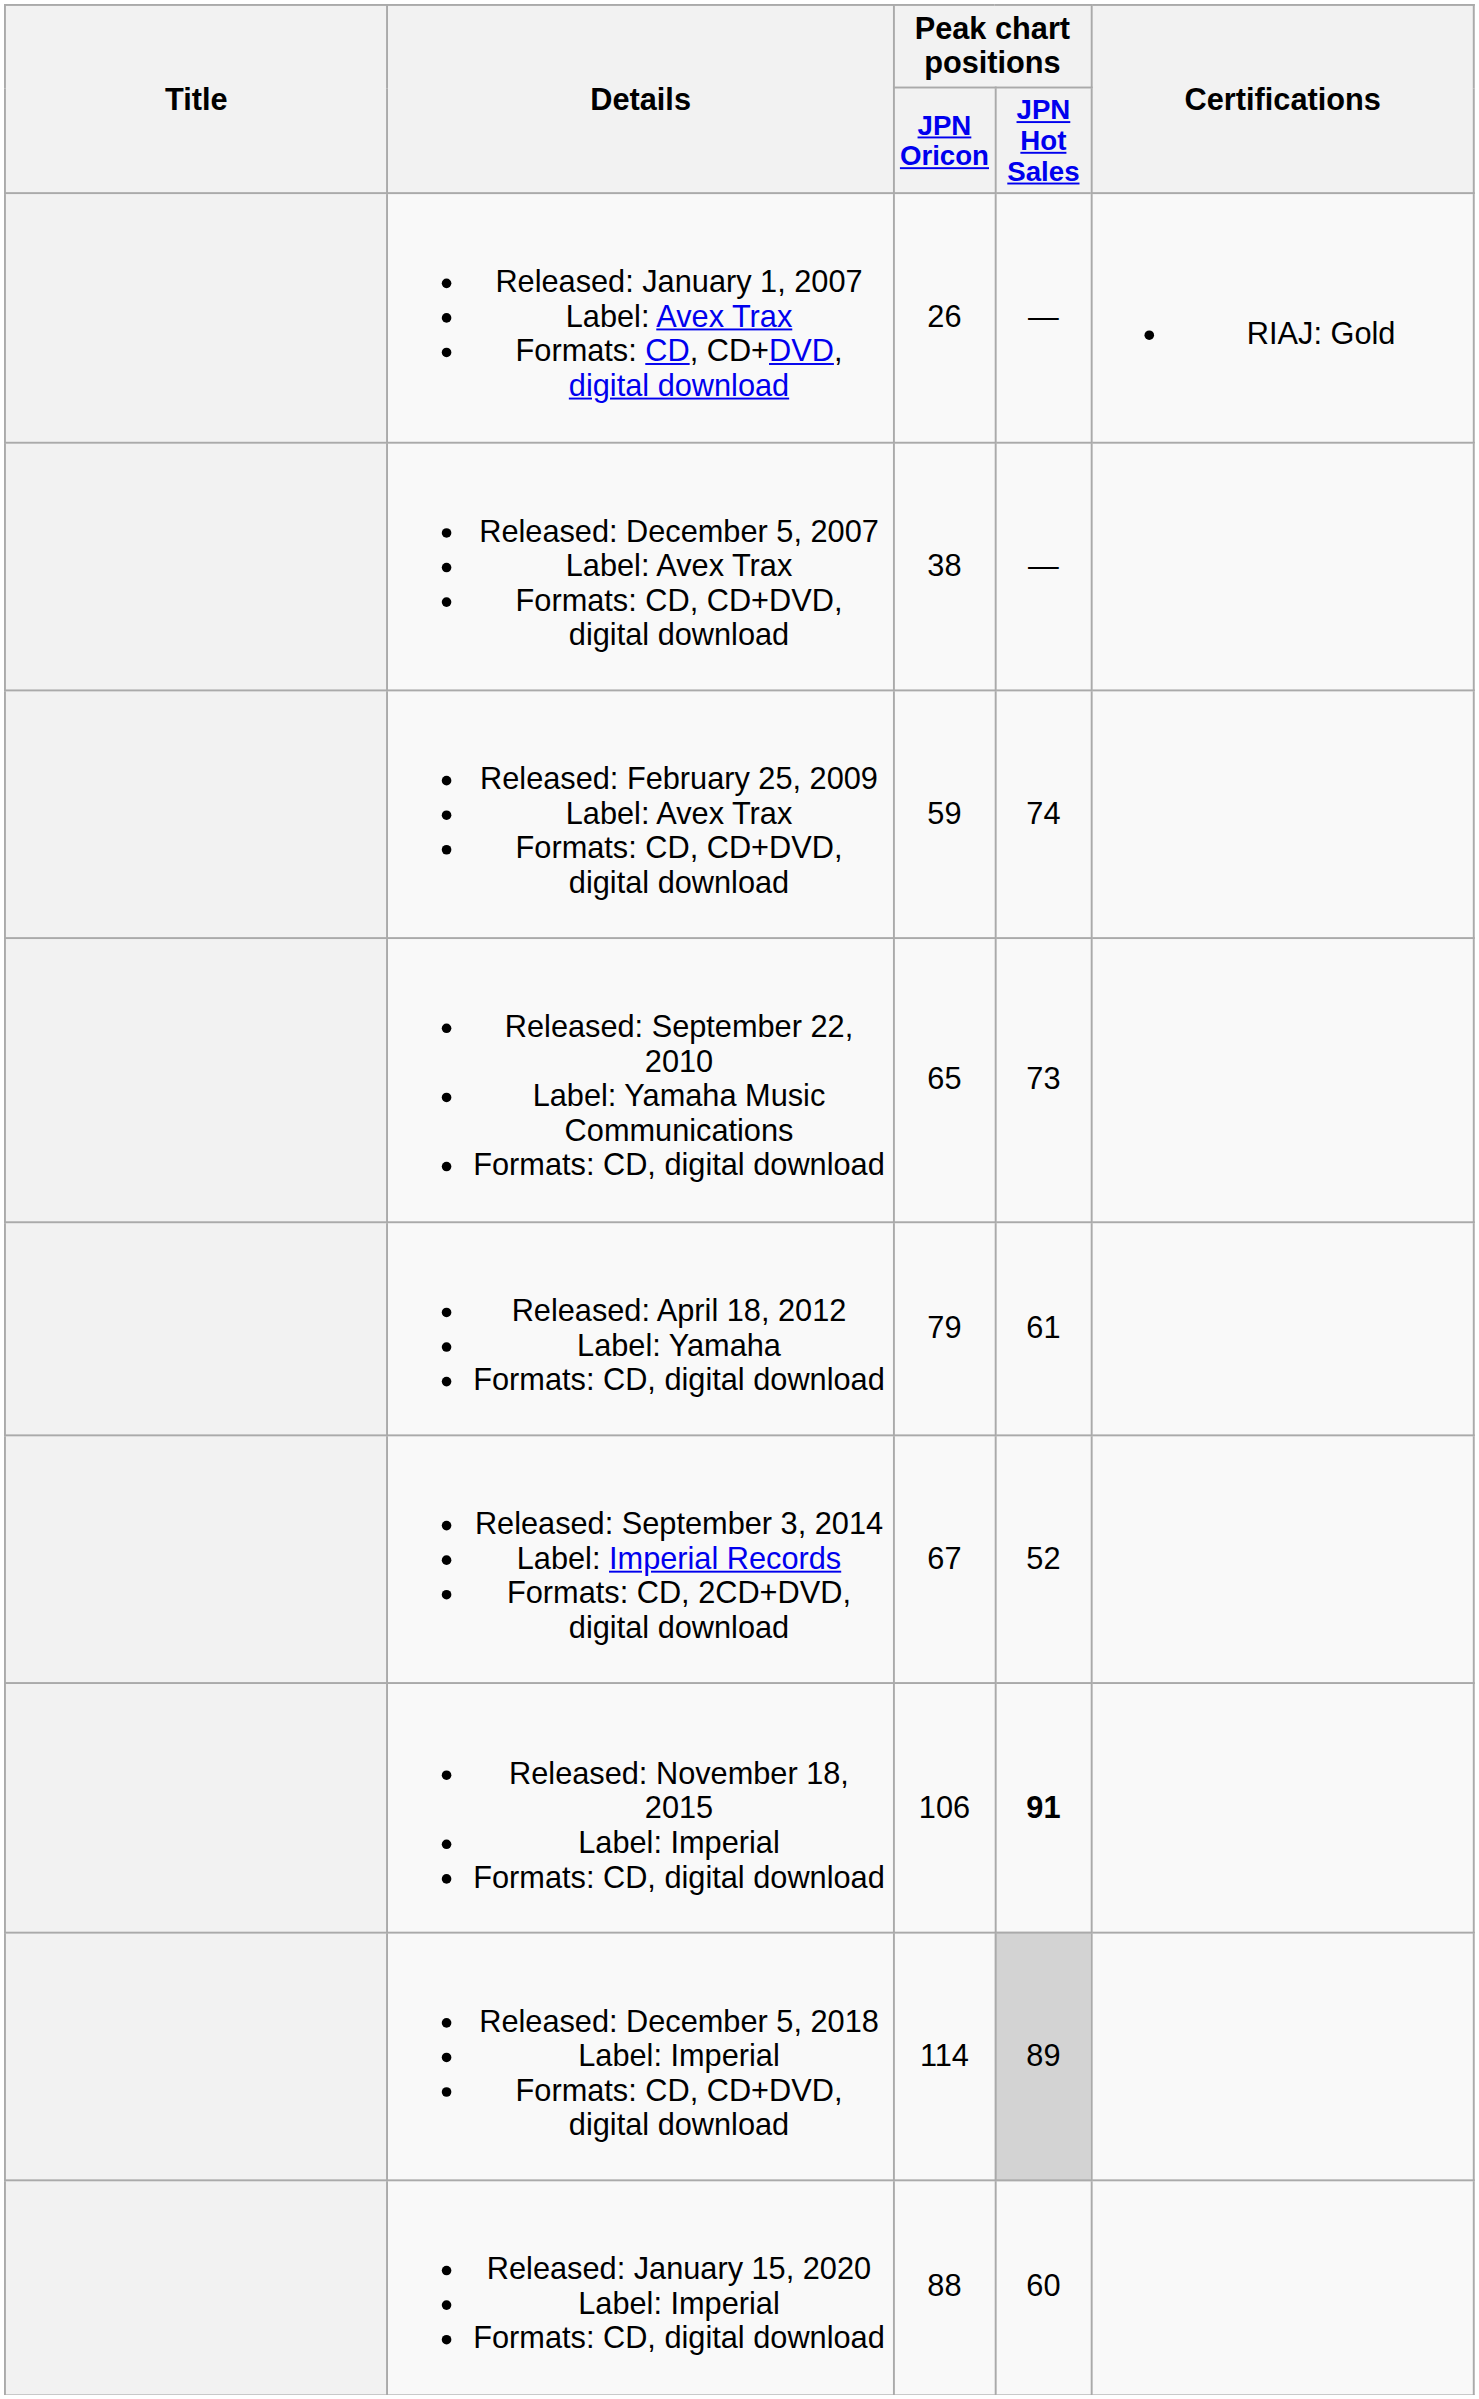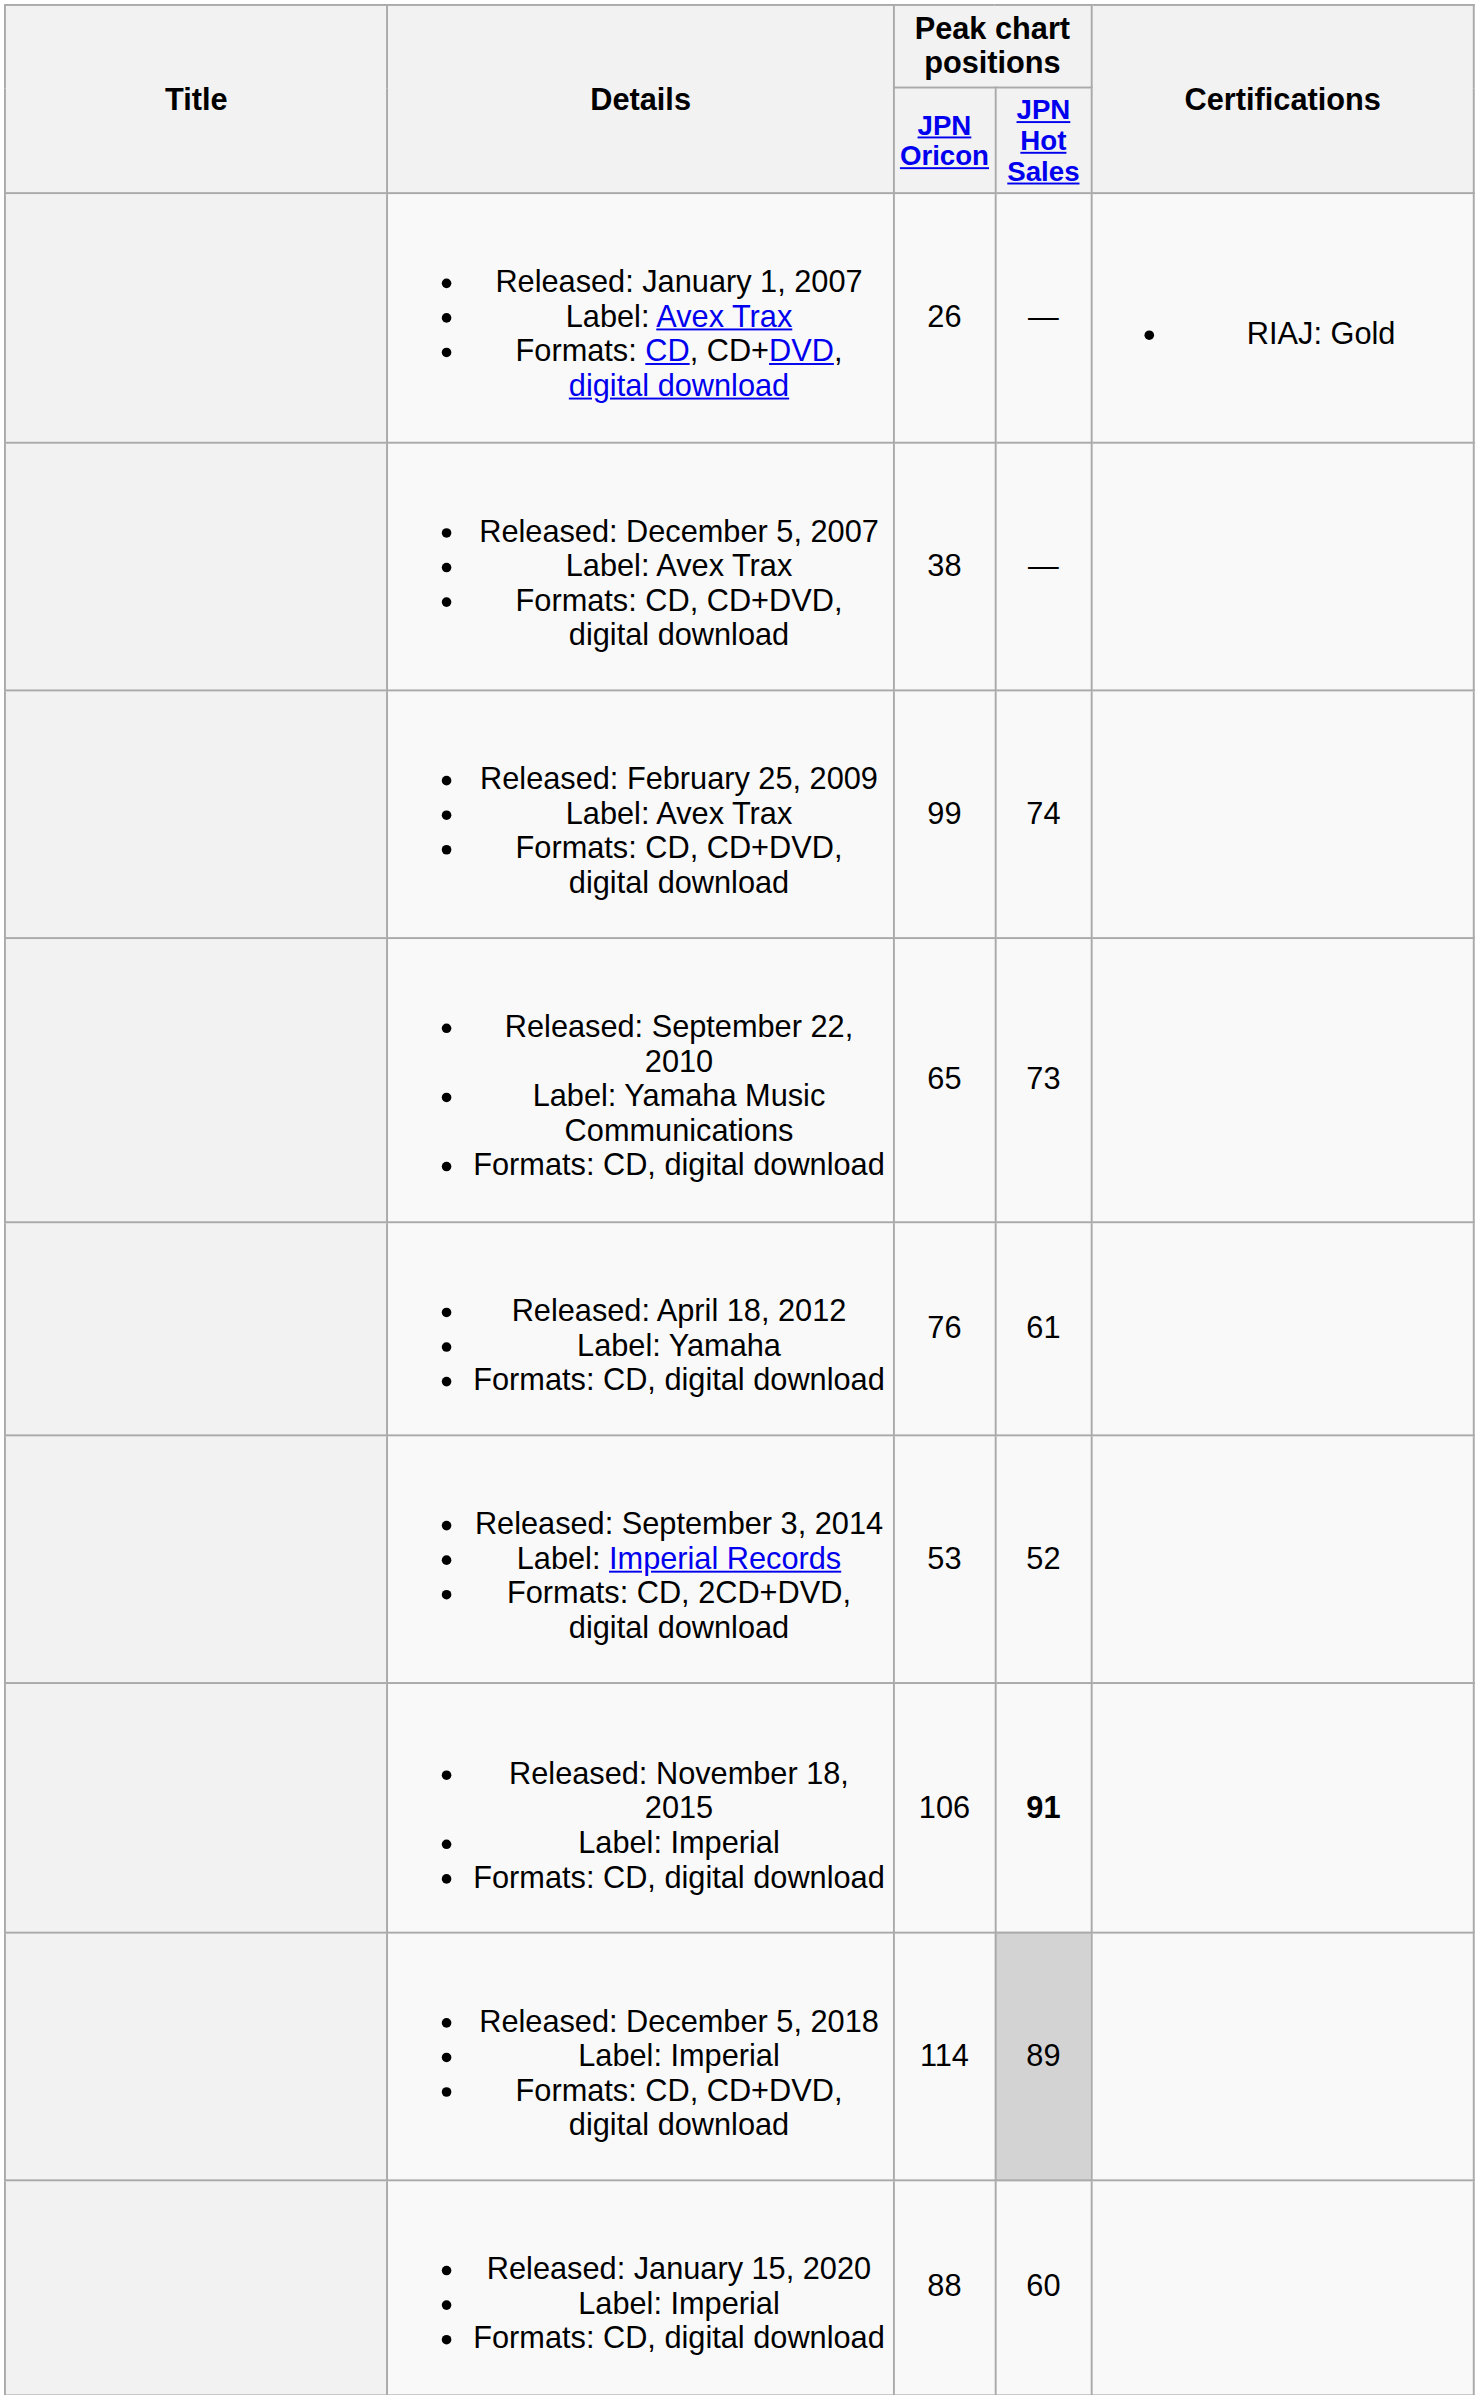 <table class="wikitable plainrowheaders" style="text-align:center;">
 <tr>
 <th scope="col" rowspan="2" style="width:12em;">Title</th>
 <th scope="col" rowspan="2" style="width:16em;">Details</th>
 <th scope="col" colspan="2">Peak chart positions</th>
 <th scope="col" rowspan="2" style="width:12em;">Certifications</th>
 </tr>
 <tr>
 <th scope="col" style="width:3em;font-size:90%;"><a href='#'>JPN<br>Oricon</a><br></th>
 <th scope="col" style="width:3em;font-size:90%;"><a href='#'>JPN<br>Hot<br>Sales</a><br></th>
 </tr>
 <tr>
 <th scope="row"></th>
 <td><br><ul><li>Released: January 1, 2007</li><li>Label: <a href='#'>Avex Trax</a></li><li>Formats: <a href='#'>CD</a>, CD+<a href='#'>DVD</a>, <a href='#'>digital download</a></li></ul></td>
 <td>26</td>
 <td>—</td>
 <td><br><ul><li>RIAJ: Gold </li></ul></td>
 </tr>
 <tr>
 <th scope="row"></th>
 <td><br><ul><li>Released: December 5, 2007</li><li>Label: Avex Trax</li><li>Formats: CD, CD+DVD, digital download</li></ul></td>
 <td>38</td>
 <td>—</td>
 <td></td>
 </tr>
 <tr>
 <th scope="row"></th>
 <td><br><ul><li>Released: February 25, 2009</li><li>Label: Avex Trax</li><li>Formats: CD, CD+DVD, digital download</li></ul></td>
-<td>59</td>
+<td>99</td>
 <td>74</td>
 <td></td>
 </tr>
 <tr>
 <th scope="row"></th>
 <td><br><ul><li>Released: September 22, 2010</li><li>Label: Yamaha Music Communications</li><li>Formats: CD, digital download</li></ul></td>
 <td>65</td>
 <td>73</td>
 <td></td>
 </tr>
 <tr>
 <th scope="row"></th>
 <td><br><ul><li>Released: April 18, 2012</li><li>Label: Yamaha</li><li>Formats: CD, digital download</li></ul></td>
-<td>79</td>
+<td>76</td>
 <td>61</td>
 <td></td>
 </tr>
 <tr>
 <th scope="row"></th>
 <td><br><ul><li>Released: September 3, 2014</li><li>Label: <a href='#'>Imperial Records</a></li><li>Formats: CD, 2CD+DVD, digital download</li></ul></td>
-<td>67</td>
+<td>53</td>
 <td>52</td>
 <td></td>
 </tr>
 <tr>
 <th scope="row"></th>
 <td><br><ul><li>Released: November 18, 2015</li><li>Label: Imperial</li><li>Formats: CD, digital download</li></ul></td>
 <td>106</td>
 <td><strong>91</strong></td>
 <td></td>
 </tr>
 <tr>
 <th scope="row"></th>
 <td><br><ul><li>Released: December 5, 2018</li><li>Label: Imperial</li><li>Formats: CD, CD+DVD, digital download</li></ul></td>
 <td>114</td>
 <td style="background: lightgrey;">89</td>
 <td></td>
 </tr>
 <tr>
 <th scope="row"></th>
 <td><br><ul><li>Released: January 15, 2020</li><li>Label: Imperial</li><li>Formats: CD, digital download</li></ul></td>
 <td>88</td>
 <td>60</td>
 <td></td>
 </tr>
 </table>
